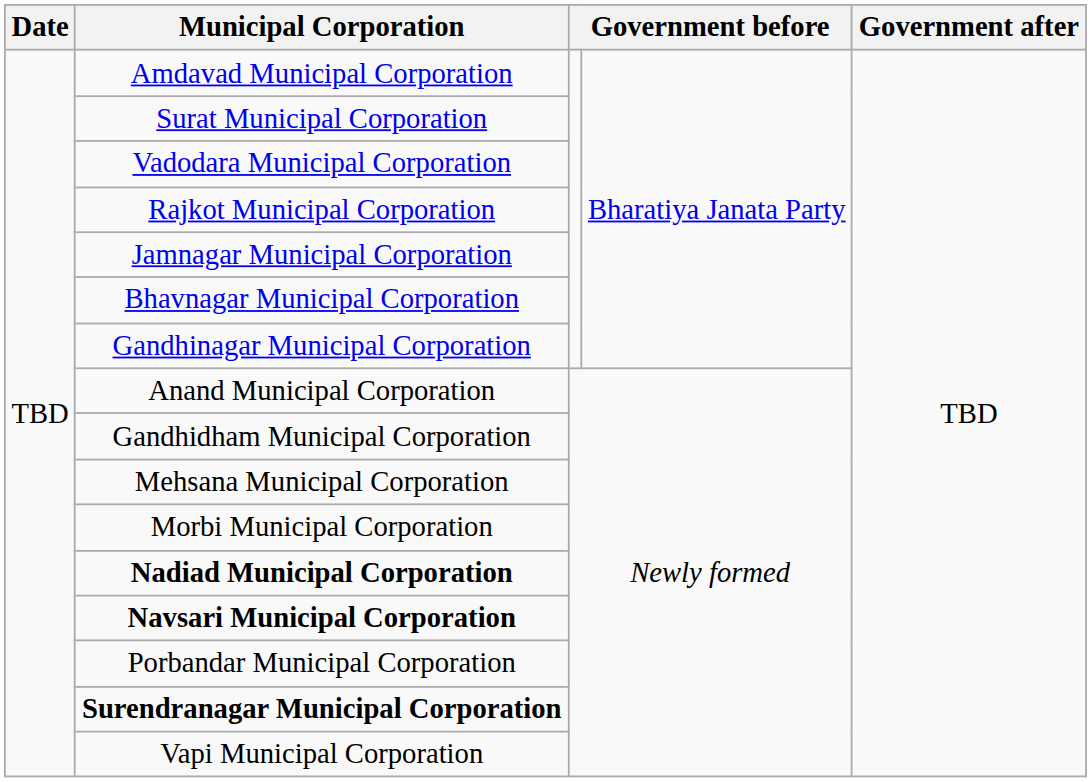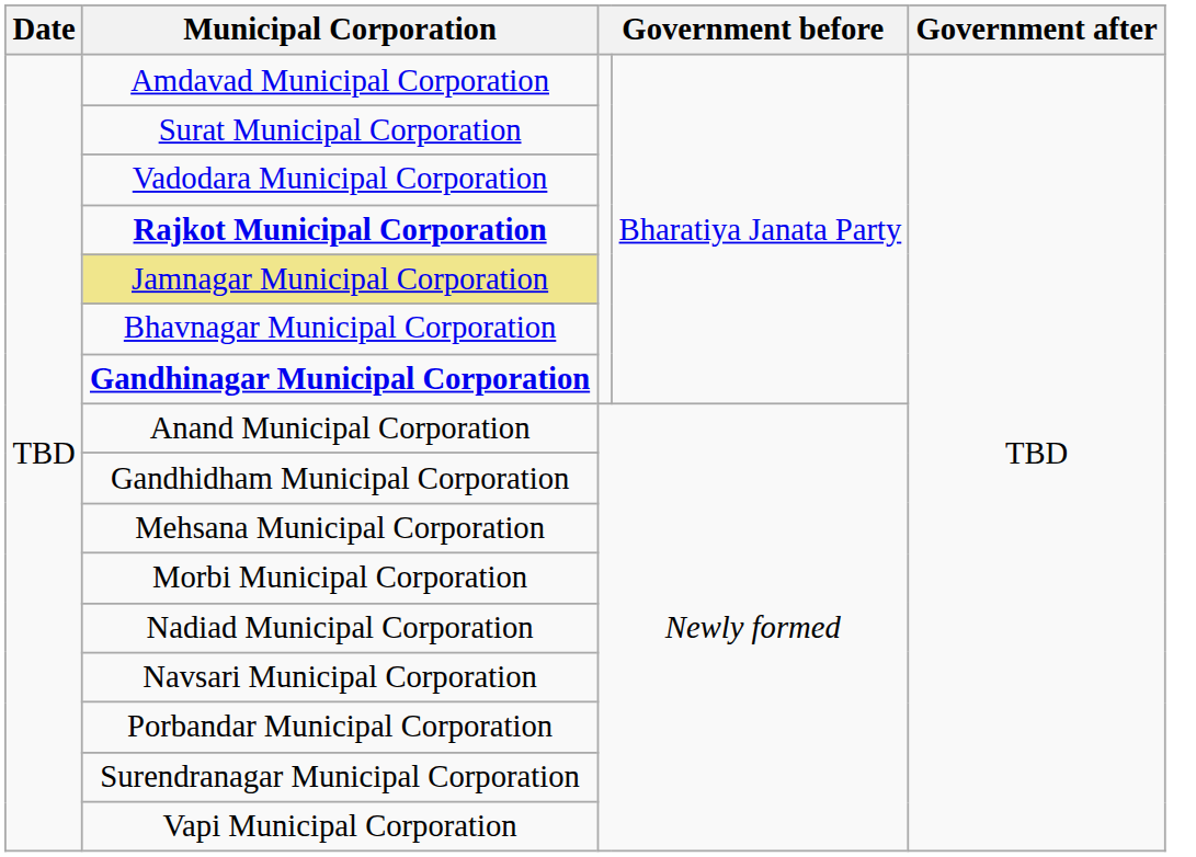 <table class="wikitable sortable" style="text-align:center;">
 <tr>
 <th>Date</th>
 <th>Municipal Corporation</th>
 <th colspan=2>Government before</th>
 <th colspan=2>Government after</th>
 </tr>
 <tr>
 <td rowspan="16">TBD</td>
 <td><a href='#'>Amdavad Municipal Corporation</a></td>
 <td rowspan="7" style="background:"></td>
 <td rowspan="7"><a href='#'>Bharatiya Janata Party</a></td>
 <td rowspan="16">TBD</td>
 </tr>
 <tr>
 <td><a href='#'>Surat Municipal Corporation</a></td>
 </tr>
 <tr>
 <td><a href='#'>Vadodara Municipal Corporation</a></td>
 </tr>
 <tr>
-<td><a href='#'>Rajkot Municipal Corporation</a></td>
+<td><strong><a href='#'>Rajkot Municipal Corporation</a></strong></td>
 </tr>
 <tr>
-<td><a href='#'>Jamnagar Municipal Corporation</a></td>
+<td style="background: khaki;"><a href='#'>Jamnagar Municipal Corporation</a></td>
 </tr>
 <tr>
 <td><a href='#'>Bhavnagar Municipal Corporation</a></td>
 </tr>
 <tr>
-<td><a href='#'>Gandhinagar Municipal Corporation</a></td>
+<td><strong><a href='#'>Gandhinagar Municipal Corporation</a></strong></td>
 </tr>
 <tr>
 <td>Anand Municipal Corporation</td>
 <td colspan="2" rowspan="9"><em>Newly formed</em></td>
 </tr>
 <tr>
 <td>Gandhidham Municipal Corporation</td>
 </tr>
 <tr>
 <td>Mehsana Municipal Corporation</td>
 </tr>
 <tr>
 <td>Morbi Municipal Corporation</td>
 </tr>
 <tr>
-<td><strong>Nadiad Municipal Corporation</strong></td>
+<td>Nadiad Municipal Corporation</td>
 </tr>
 <tr>
-<td><strong>Navsari Municipal Corporation</strong></td>
+<td>Navsari Municipal Corporation</td>
 </tr>
 <tr>
 <td>Porbandar Municipal Corporation</td>
 </tr>
 <tr>
-<td><strong>Surendranagar Municipal Corporation</strong></td>
+<td>Surendranagar Municipal Corporation</td>
 </tr>
 <tr>
 <td>Vapi Municipal Corporation</td>
 </tr>
 </table>
